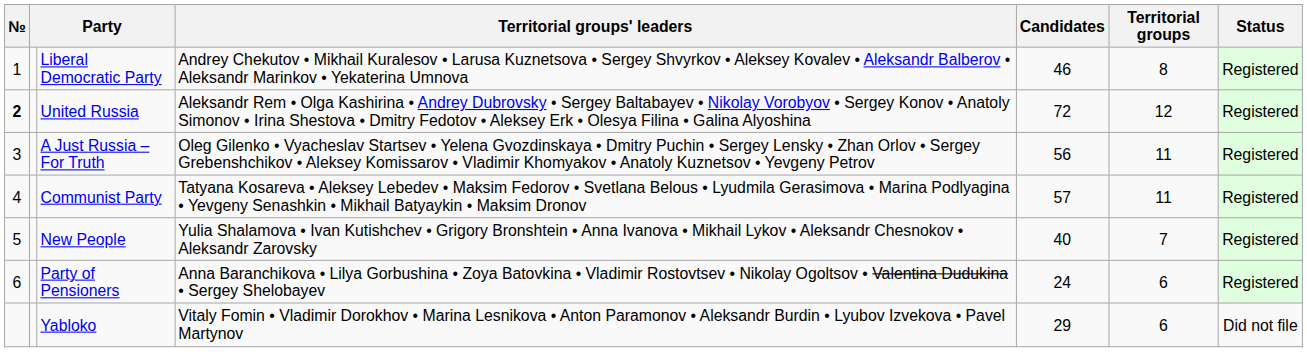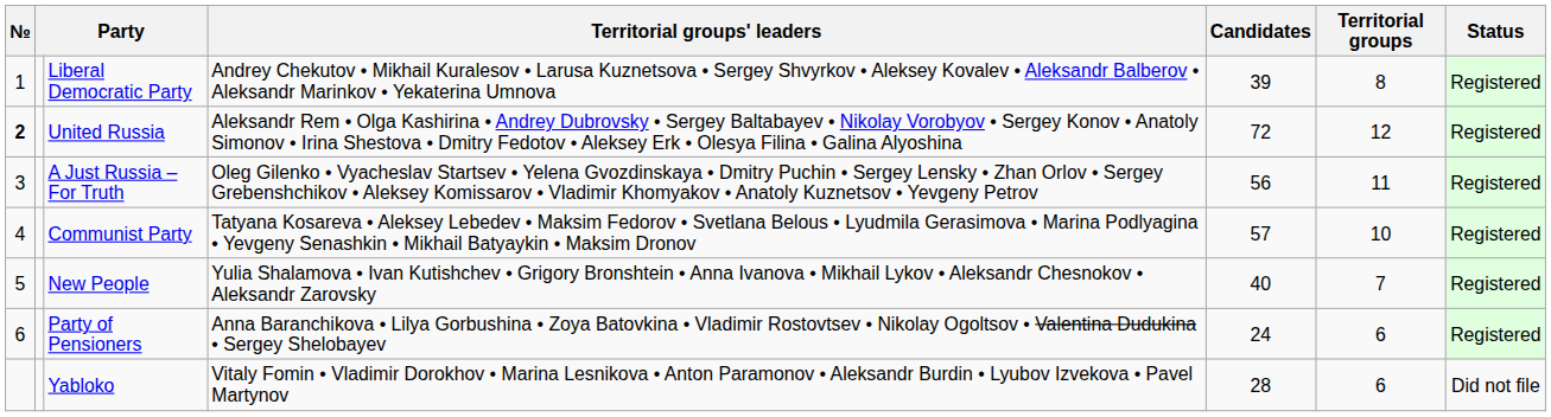 <table class="wikitable sortable" style="background: #f9f9f9; text-align:right; font-size: 95%">
 <tr>
 <th align=center>№</th>
 <th colspan="2">Party</th>
 <th align=center>Territorial groups' leaders</th>
 <th align=center>Candidates</th>
 <th align=center>Territorial groups</th>
 <th align=center>Status</th>
 </tr>
 <tr>
 <td align=center>1</td>
 <td style="background-color:"></td>
 <td align=left><a href='#'>Liberal Democratic Party</a></td>
 <td align=left>Andrey Chekutov • Mikhail Kuralesov • Larusa Kuznetsova • Sergey Shvyrkov • Aleksey Kovalev • <a href='#'>Aleksandr Balberov</a> • Aleksandr Marinkov • Yekaterina Umnova</td>
-<td align=center>46</td>
+<td align=center>39</td>
 <td align=center>8</td>
 <td align=center bgcolor="#DFFFDF">Registered</td>
 </tr>
 <tr>
 <td align=center><strong>2</strong></td>
 <td style="background-color:"></td>
 <td align=left><a href='#'>United Russia</a></td>
 <td align=left>Aleksandr Rem • Olga Kashirina • <a href='#'>Andrey Dubrovsky</a> • Sergey Baltabayev • <a href='#'>Nikolay Vorobyov</a> • Sergey Konov • Anatoly Simonov • Irina Shestova • Dmitry Fedotov • Aleksey Erk • Olesya Filina • Galina Alyoshina</td>
 <td align=center>72</td>
 <td align=center>12</td>
 <td align=center bgcolor="#DFFFDF">Registered</td>
 </tr>
 <tr>
 <td align=center>3</td>
 <td style="background-color:"></td>
 <td align=left><a href='#'>A Just Russia – For Truth</a></td>
 <td align=left>Oleg Gilenko • Vyacheslav Startsev • Yelena Gvozdinskaya • Dmitry Puchin • Sergey Lensky • Zhan Orlov • Sergey Grebenshchikov • Aleksey Komissarov • Vladimir Khomyakov • Anatoly Kuznetsov • Yevgeny Petrov</td>
 <td align=center>56</td>
 <td align=center>11</td>
 <td align=center bgcolor="#DFFFDF">Registered</td>
 </tr>
 <tr>
 <td align=center>4</td>
 <td style="background-color:"></td>
 <td align=left><a href='#'>Communist Party</a></td>
 <td align=left>Tatyana Kosareva • Aleksey Lebedev • Maksim Fedorov • Svetlana Belous • Lyudmila Gerasimova • Marina Podlyagina • Yevgeny Senashkin • Mikhail Batyaykin • Maksim Dronov</td>
 <td align=center>57</td>
-<td align=center>11</td>
+<td align=center>10</td>
 <td align=center bgcolor="#DFFFDF">Registered</td>
 </tr>
 <tr>
 <td align=center>5</td>
 <td style="background-color:"></td>
 <td align=left><a href='#'>New People</a></td>
 <td align=left>Yulia Shalamova • Ivan Kutishchev • Grigory Bronshtein • Anna Ivanova • Mikhail Lykov • Aleksandr Chesnokov • Aleksandr Zarovsky</td>
 <td align=center>40</td>
 <td align=center>7</td>
 <td align=center bgcolor="#DFFFDF">Registered</td>
 </tr>
 <tr>
 <td align=center>6</td>
 <td style="background-color:"></td>
 <td align=left><a href='#'>Party of Pensioners</a></td>
 <td align=left>Anna Baranchikova • Lilya Gorbushina • Zoya Batovkina • Vladimir Rostovtsev • Nikolay Ogoltsov • <s>Valentina Dudukina</s> • Sergey Shelobayev</td>
 <td align=center>24</td>
 <td align=center>6</td>
 <td align=center bgcolor="#DFFFDF">Registered</td>
 </tr>
 <tr>
 <td align=center></td>
 <td style="background-color:"></td>
 <td align=left><a href='#'>Yabloko</a></td>
 <td align=left>Vitaly Fomin • Vladimir Dorokhov • Marina Lesnikova • Anton Paramonov • Aleksandr Burdin • Lyubov Izvekova • Pavel Martynov</td>
-<td align=center>29</td>
+<td align=center>28</td>
 <td align=center>6</td>
 <td align=center>Did not file</td>
 </tr>
 </table>
